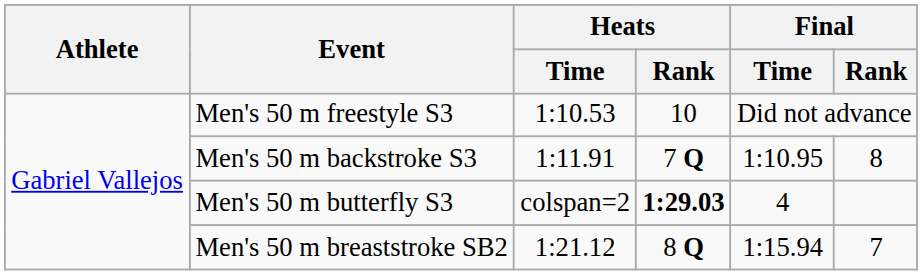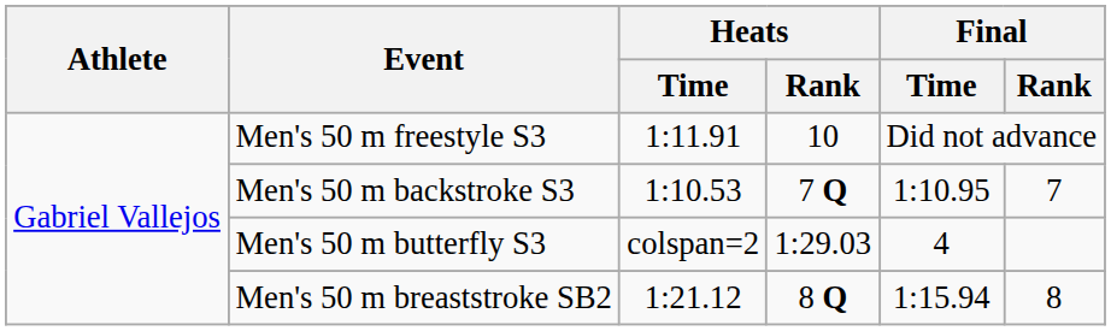 <table class=wikitable style="font-size:90%">
 <tr>
 <th rowspan="2">Athlete</th>
 <th rowspan="2">Event</th>
 <th colspan="2">Heats</th>
 <th colspan="2">Final</th>
 </tr>
 <tr>
 <th>Time</th>
 <th>Rank</th>
 <th>Time</th>
 <th>Rank</th>
 </tr>
 <tr align=center>
 <td rowspan=5 align=left><a href='#'>Gabriel Vallejos</a></td>
 <td align=left>Men's 50 m freestyle S3</td>
-<td>1:10.53</td>
+<td>1:11.91</td>
 <td>10</td>
 <td colspan=2>Did not advance</td>
 </tr>
 <tr align=center>
 <td align=left>Men's 50 m backstroke S3</td>
-<td>1:11.91</td>
+<td>1:10.53</td>
 <td>7 <strong>Q</strong></td>
 <td>1:10.95</td>
-<td>8</td>
+<td>7</td>
 </tr>
 <tr align=center>
 <td align=left>Men's 50 m butterfly S3</td>
 <td>colspan=2 </td>
-<td><strong>1:29.03</strong></td>
+<td>1:29.03</td>
 <td>4</td>
 </tr>
 <tr align=center>
 <td align=left>Men's 50 m breaststroke SB2</td>
 <td>1:21.12</td>
 <td>8 <strong>Q</strong></td>
 <td>1:15.94</td>
-<td>7</td>
+<td>8</td>
 </tr>
 </table>
